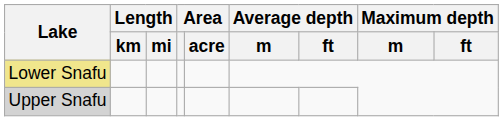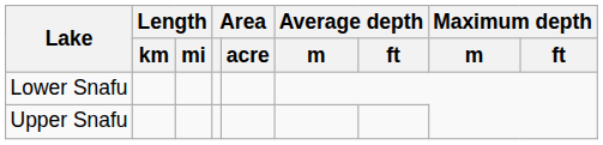 <table class="wikitable sortable">
 <tr>
 <th rowspan="2">Lake</th>
 <th colspan="2">Length</th>
 <th colspan="2">Area</th>
 <th colspan="2">Average depth</th>
 <th colspan="2">Maximum depth</th>
 </tr>
 <tr>
 <th>km</th>
 <th>mi</th>
 <th></th>
 <th>acre</th>
 <th>m</th>
 <th>ft</th>
 <th>m</th>
 <th>ft</th>
 </tr>
 <tr>
-<td style="background: khaki;">Lower Snafu</td>
+<td>Lower Snafu</td>
 <td></td>
 <td></td>
 <td></td>
 <td></td>
 </tr>
 <tr>
-<td style="background: lightgrey;">Upper Snafu</td>
+<td>Upper Snafu</td>
 <td></td>
 <td></td>
 <td></td>
 <td></td>
 <td></td>
 <td></td>
 </tr>
 </table>
